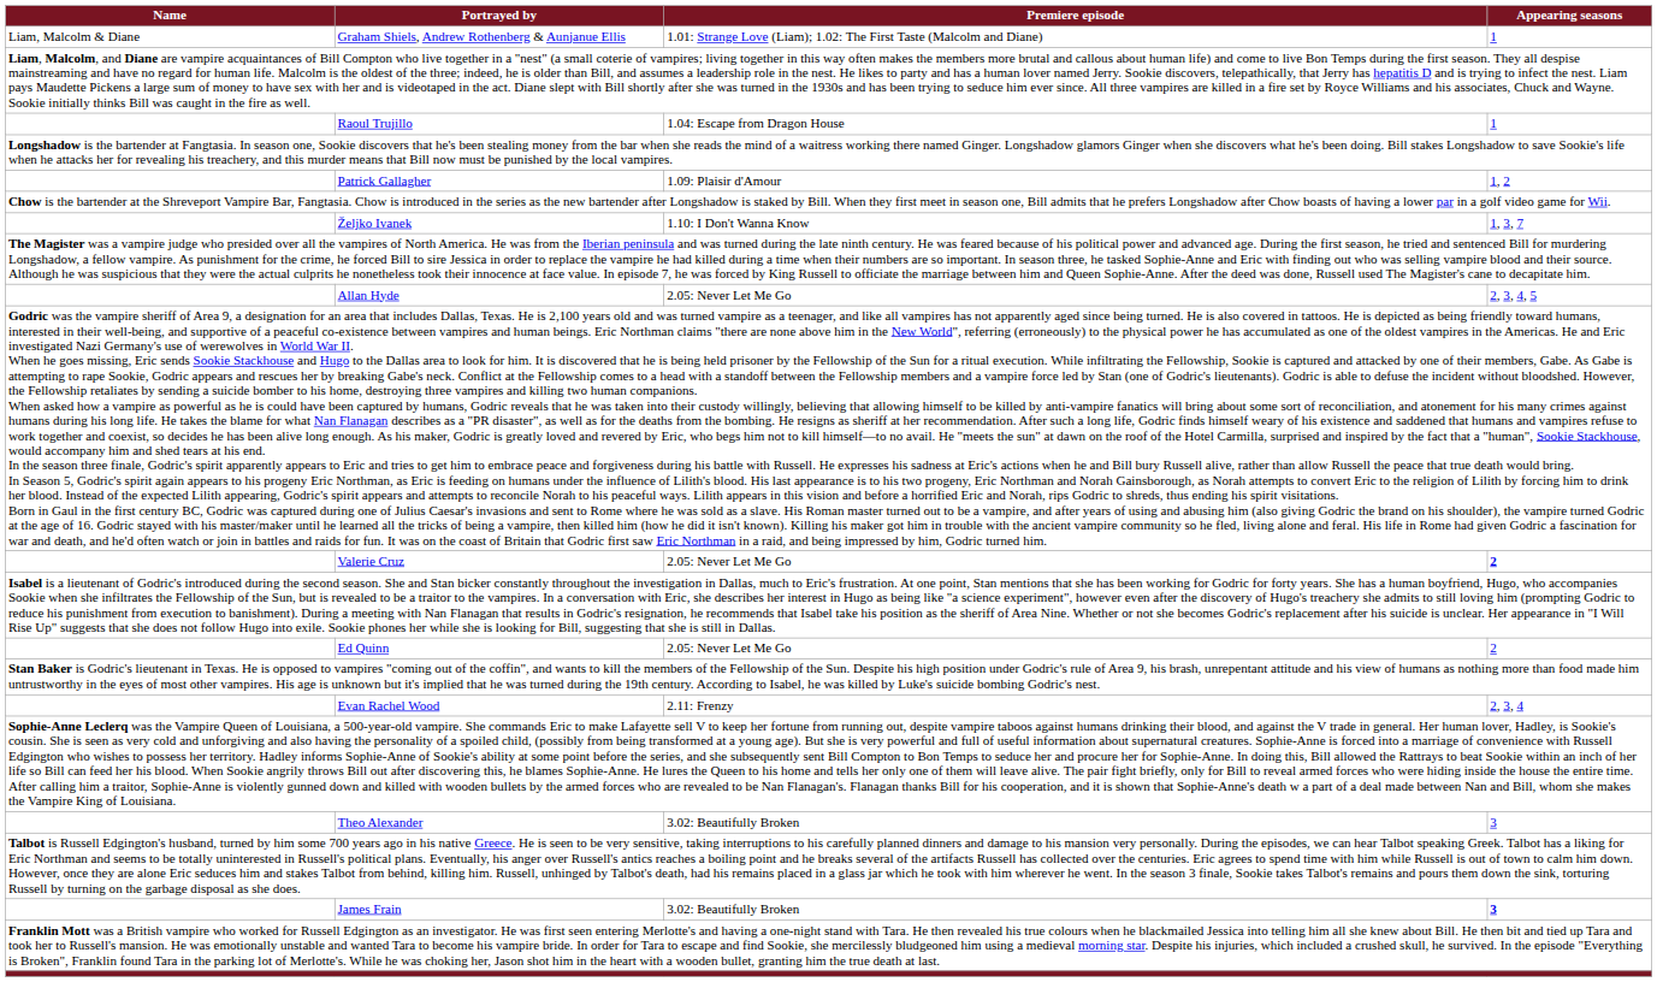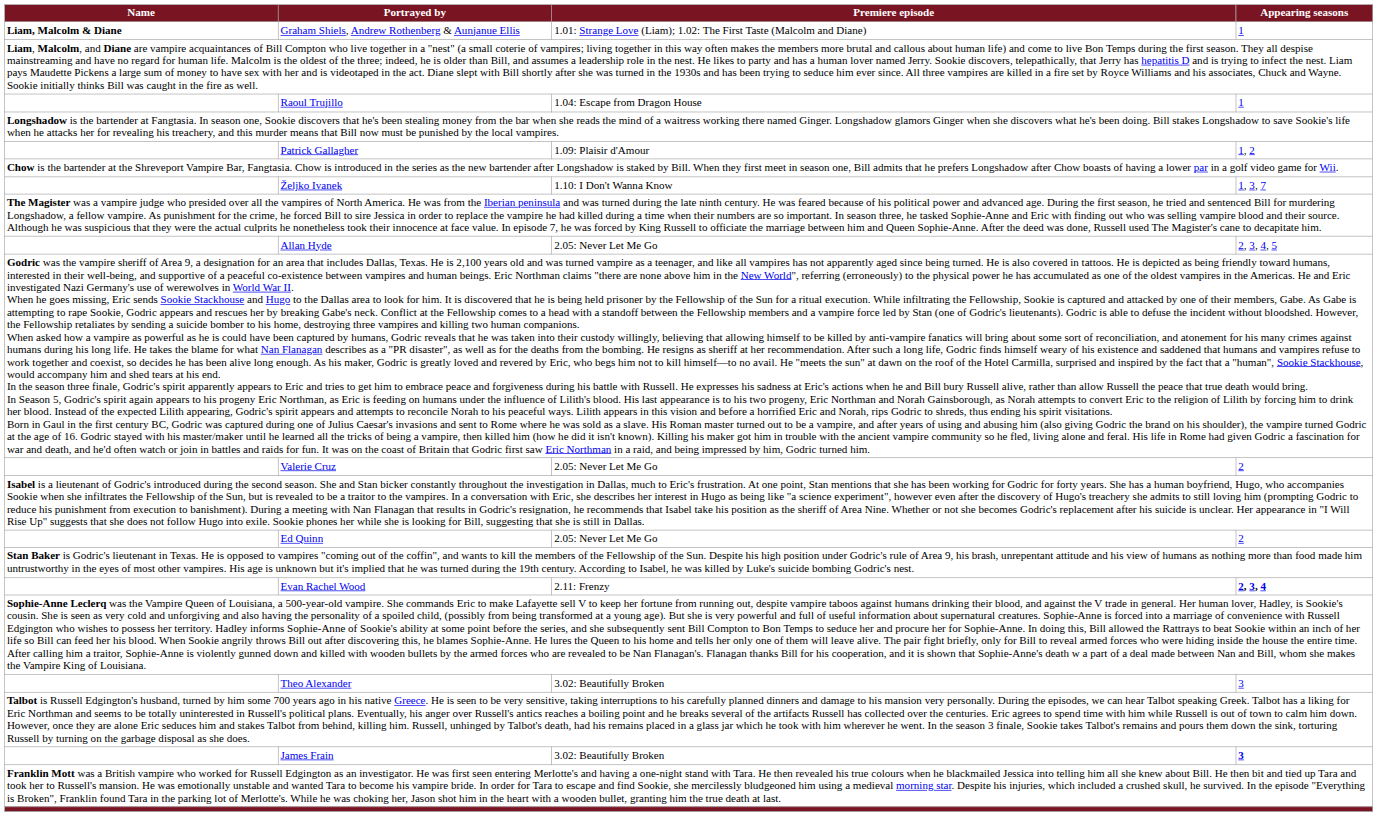 <table class="wikitable" style="width:100%; margin-right:auto; background: #FFFFFF;">
 <tr style="color:white">
 <th style="background-color:#791422; width:20%">Name</th>
 <th style="background-color:#791422; width:20%">Portrayed by</th>
 <th style="background-color:#791422; width:50%">Premiere episode</th>
 <th style="background-color:#791422; width:10%">Appearing seasons</th>
 </tr>
 <tr>
-<td>Liam, Malcolm & Diane</td>
+<td><strong>Liam, Malcolm & Diane</strong></td>
 <td><a href='#'>Graham Shiels</a>, <a href='#'>Andrew Rothenberg</a> & <a href='#'>Aunjanue Ellis</a></td>
 <td>1.01: <a href='#'>Strange Love</a> (Liam); 1.02: The First Taste (Malcolm and Diane)</td>
 <td><a href='#'>1</a></td>
 </tr>
 <tr>
 <td colspan="5"><strong>Liam</strong>, <strong>Malcolm</strong>, and <strong>Diane</strong> are vampire acquaintances of Bill Compton who live together in a "nest" (a small coterie of vampires; living together in this way often makes the members more brutal and callous about human life) and come to live Bon Temps during the first season. They all despise mainstreaming and have no regard for human life. Malcolm is the oldest of the three; indeed, he is older than Bill, and assumes a leadership role in the nest. He likes to party and has a human lover named Jerry. Sookie discovers, telepathically, that Jerry has <a href='#'>hepatitis D</a> and is trying to infect the nest. Liam pays Maudette Pickens a large sum of money to have sex with her and is videotaped in the act. Diane slept with Bill shortly after she was turned in the 1930s and has been trying to seduce him ever since. All three vampires are killed in a fire set by Royce Williams and his associates, Chuck and Wayne. Sookie initially thinks Bill was caught in the fire as well.</td>
 </tr>
 <tr>
 <td></td>
 <td><a href='#'>Raoul Trujillo</a></td>
 <td>1.04: Escape from Dragon House</td>
 <td><a href='#'>1</a></td>
 </tr>
 <tr>
 <td colspan="5"><strong>Longshadow</strong> is the bartender at Fangtasia. In season one, Sookie discovers that he's been stealing money from the bar when she reads the mind of a waitress working there named Ginger. Longshadow glamors Ginger when she discovers what he's been doing. Bill stakes Longshadow to save Sookie's life when he attacks her for revealing his treachery, and this murder means that Bill now must be punished by the local vampires.</td>
 </tr>
 <tr>
 <td></td>
 <td><a href='#'>Patrick Gallagher</a></td>
 <td>1.09: Plaisir d'Amour</td>
 <td><a href='#'>1</a>, <a href='#'>2</a></td>
 </tr>
 <tr>
 <td colspan="5"><strong>Chow</strong> is the bartender at the Shreveport Vampire Bar, Fangtasia. Chow is introduced in the series as the new bartender after Longshadow is staked by Bill. When they first meet in season one, Bill admits that he prefers Longshadow after Chow boasts of having a lower <a href='#'>par</a> in a golf video game for <a href='#'>Wii</a>.</td>
 </tr>
 <tr>
 <td></td>
 <td><a href='#'>Željko Ivanek</a></td>
 <td>1.10: I Don't Wanna Know</td>
 <td><a href='#'>1</a>, <a href='#'>3</a>, <a href='#'>7</a></td>
 </tr>
 <tr>
 <td colspan="5"><strong>The Magister</strong> was a vampire judge who presided over all the vampires of North America. He was from the <a href='#'>Iberian peninsula</a> and was turned during the late ninth century. He was feared because of his political power and advanced age. During the first season, he tried and sentenced Bill for murdering Longshadow, a fellow vampire. As punishment for the crime, he forced Bill to sire Jessica in order to replace the vampire he had killed during a time when their numbers are so important. In season three, he tasked Sophie-Anne and Eric with finding out who was selling vampire blood and their source. Although he was suspicious that they were the actual culprits he nonetheless took their innocence at face value. In episode 7, he was forced by King Russell to officiate the marriage between him and Queen Sophie-Anne. After the deed was done, Russell used The Magister's cane to decapitate him.</td>
 </tr>
 <tr>
 <td></td>
 <td><a href='#'>Allan Hyde</a></td>
 <td>2.05: Never Let Me Go</td>
 <td><a href='#'>2</a>, <a href='#'>3</a>, <a href='#'>4</a>, <a href='#'>5</a></td>
 </tr>
 <tr>
 <td colspan="5"><strong>Godric </strong> was the vampire sheriff of Area 9, a designation for an area that includes Dallas, Texas.  He is 2,100 years old and was turned vampire as a teenager, and like all vampires has not apparently aged since being turned. He is also covered in tattoos. He is depicted as being friendly toward humans, interested in their well-being, and supportive of a peaceful co-existence between vampires and human beings. Eric Northman claims "there are none above him in the <a href='#'>New World</a>", referring (erroneously) to the physical power he has accumulated as one of the oldest vampires in the Americas. He and Eric investigated Nazi Germany's use of werewolves in <a href='#'>World War II</a>.<br>When he goes missing, Eric sends <a href='#'>Sookie Stackhouse</a> and <a href='#'>Hugo</a> to the Dallas area to look for him. It is discovered that he is being held prisoner by the Fellowship of the Sun for a ritual execution. While infiltrating the Fellowship, Sookie is captured and attacked by one of their members, Gabe. As Gabe is attempting to rape Sookie, Godric appears and rescues her by breaking Gabe's neck. Conflict at the Fellowship comes to a head with a standoff between the Fellowship members and a vampire force led by Stan (one of Godric's lieutenants). Godric is able to defuse the incident without bloodshed. However, the Fellowship retaliates by sending a suicide bomber to his home, destroying three vampires and killing two human companions.<br>When asked how a vampire as powerful as he is could have been captured by humans, Godric reveals that he was taken into their custody willingly, believing that allowing himself to be killed by anti-vampire fanatics will bring about some sort of reconciliation, and atonement for his many crimes against humans during his long life. He takes the blame for what <a href='#'>Nan Flanagan</a> describes as a "PR disaster", as well as for the deaths from the bombing. He resigns as sheriff at her recommendation. After such a long life, Godric finds himself weary of his existence and saddened that humans and vampires refuse to work together and coexist, so decides he has been alive long enough. As his maker, Godric is greatly loved and revered by Eric, who begs him not to kill himself—to no avail. He "meets the sun" at dawn on the roof of the Hotel Carmilla, surprised and inspired by the fact that a "human", <a href='#'>Sookie Stackhouse</a>, would accompany him and shed tears at his end.<br>In the season three finale, Godric's spirit apparently appears to Eric and tries to get him to embrace peace and forgiveness during his battle with Russell. He expresses his sadness at Eric's actions when he and Bill bury Russell alive, rather than allow Russell the peace that true death would bring.<br>In Season 5, Godric's spirit again appears to his progeny Eric Northman, as Eric is feeding on humans under the influence of Lilith's blood. His last appearance is to his two progeny, Eric Northman and Norah Gainsborough, as Norah attempts to convert Eric to the religion of Lilith by forcing him to drink her blood. Instead of the expected Lilith appearing, Godric's spirit appears and attempts to reconcile Norah to his peaceful ways. Lilith appears in this vision and before a horrified Eric and Norah, rips Godric to shreds, thus ending his spirit visitations.<br>Born in Gaul in the first century BC, Godric was captured during one of Julius Caesar's invasions and sent to Rome where he was sold as a slave. His Roman master turned out to be a vampire, and after years of using and abusing him (also giving Godric the brand on his shoulder), the vampire turned Godric at the age of 16. Godric stayed with his master/maker until he learned all the tricks of being a vampire, then killed him (how he did it isn't known). Killing his maker got him in trouble with the ancient vampire community so he fled, living alone and feral. His life in Rome had given Godric a fascination for war and death, and he'd often watch or join in battles and raids for fun. It was on the coast of Britain that Godric first saw <a href='#'>Eric Northman</a> in a raid, and being impressed by him, Godric turned him.</td>
 </tr>
 <tr>
 <td></td>
 <td><a href='#'>Valerie Cruz</a></td>
 <td>2.05: Never Let Me Go</td>
-<td><strong><a href='#'>2</a></strong></td>
+<td><a href='#'>2</a></td>
 </tr>
 <tr>
 <td colspan="5"><strong>Isabel </strong>is a lieutenant of Godric's introduced during the second season. She and Stan bicker constantly throughout the investigation in Dallas, much to Eric's frustration. At one point, Stan mentions that she has been working for Godric for forty years. She has a human boyfriend, Hugo, who accompanies Sookie when she infiltrates the Fellowship of the Sun, but is revealed to be a traitor to the vampires. In a conversation with Eric, she describes her interest in Hugo as being like "a science experiment", however even after the discovery of Hugo's treachery she admits to still loving him (prompting Godric to reduce his punishment from execution to banishment). During a meeting with Nan Flanagan that results in Godric's resignation, he recommends that Isabel take his position as the sheriff of Area Nine. Whether or not she becomes Godric's replacement after his suicide is unclear. Her appearance in "I Will Rise Up" suggests that she does not follow Hugo into exile. Sookie phones her while she is looking for Bill, suggesting that she is still in Dallas.</td>
 </tr>
 <tr>
 <td></td>
 <td><a href='#'>Ed Quinn</a></td>
 <td>2.05: Never Let Me Go</td>
 <td><a href='#'>2</a></td>
 </tr>
 <tr>
 <td colspan="5"><strong>Stan Baker</strong> is Godric's lieutenant in Texas. He is opposed to vampires "coming out of the coffin", and wants to kill the members of the Fellowship of the Sun. Despite his high position under Godric's rule of Area 9, his brash, unrepentant attitude and his view of humans as nothing more than food made him untrustworthy in the eyes of most other vampires. His age is unknown but it's implied that he was turned during the 19th century. According to Isabel, he was killed by Luke's suicide bombing Godric's nest.</td>
 </tr>
 <tr>
 <td></td>
 <td><a href='#'>Evan Rachel Wood</a></td>
 <td>2.11: Frenzy</td>
-<td><a href='#'>2</a>, <a href='#'>3</a>, <a href='#'>4</a></td>
+<td><strong><a href='#'>2</a>, <a href='#'>3</a>, <a href='#'>4</a></strong></td>
 </tr>
 <tr>
 <td colspan="5"><strong>Sophie-Anne Leclerq</strong> was the Vampire Queen of Louisiana, a 500-year-old vampire. She commands Eric to make Lafayette sell V to keep her fortune from running out, despite vampire taboos against humans drinking their blood, and against the V trade in general. Her human lover, Hadley, is Sookie's cousin. She is seen as very cold and unforgiving and also having the personality of a spoiled child, (possibly from being transformed at a young age). But she is very powerful and full of useful information about supernatural creatures. Sophie-Anne is forced into a marriage of convenience with Russell Edgington who wishes to possess her territory. Hadley informs Sophie-Anne of Sookie's ability at some point before the series, and she subsequently sent Bill Compton to Bon Temps to seduce her and procure her for Sophie-Anne. In doing this, Bill allowed the Rattrays to beat Sookie within an inch of her life so Bill can feed her his blood. When Sookie angrily throws Bill out after discovering this, he blames Sophie-Anne. He lures the Queen to his home and tells her only one of them will leave alive. The pair fight briefly, only for Bill to reveal armed forces who were hiding inside the house the entire time. After calling him a traitor, Sophie-Anne is violently gunned down and killed with wooden bullets by the armed forces who are revealed to be Nan Flanagan's. Flanagan thanks Bill for his cooperation, and it is shown that Sophie-Anne's death w a part of a deal made between Nan and Bill, whom she makes the Vampire King of Louisiana.</td>
 </tr>
 <tr>
 <td></td>
 <td><a href='#'>Theo Alexander</a></td>
 <td>3.02: Beautifully Broken</td>
 <td><a href='#'>3</a></td>
 </tr>
 <tr>
 <td colspan="5"><strong>Talbot</strong> is Russell Edgington's husband, turned by him some 700 years ago in his native <a href='#'>Greece</a>. He is seen to be very sensitive, taking interruptions to his carefully planned dinners and damage to his mansion very personally. During the episodes, we can hear Talbot speaking Greek. Talbot has a liking for Eric Northman and seems to be totally uninterested in Russell's political plans. Eventually, his anger over Russell's antics reaches a boiling point and he breaks several of the artifacts Russell has collected over the centuries. Eric agrees to spend time with him while Russell is out of town to calm him down. However, once they are alone Eric seduces him and stakes Talbot from behind, killing him. Russell, unhinged by Talbot's death, had his remains placed in a glass jar which he took with him wherever he went. In the season 3 finale, Sookie takes Talbot's remains and pours them down the sink, torturing Russell by turning on the garbage disposal as she does.</td>
 </tr>
 <tr>
 <td></td>
 <td><a href='#'>James Frain</a></td>
 <td>3.02: Beautifully Broken</td>
 <td><strong><a href='#'>3</a></strong></td>
 </tr>
 <tr>
 <td colspan="5"><strong>Franklin Mott</strong> was a British vampire who worked for Russell Edgington as an investigator. He was first seen entering Merlotte's and having a one-night stand with Tara. He then revealed his true colours when he blackmailed Jessica into telling him all she knew about Bill. He then bit and tied up Tara and took her to Russell's mansion. He was emotionally unstable and wanted Tara to become his vampire bride. In order for Tara to escape and find Sookie, she mercilessly bludgeoned him using a medieval <a href='#'>morning star</a>. Despite his injuries, which included a crushed skull, he survived. In the episode "Everything is Broken", Franklin found Tara in the parking lot of Merlotte's. While he was choking her, Jason shot him in the heart with a wooden bullet, granting him the true death at last.</td>
 </tr>
 <tr>
 <td colspan="5" bgcolor="#791422"></td>
 </tr>
 <tr>
 </tr>
 </table>
